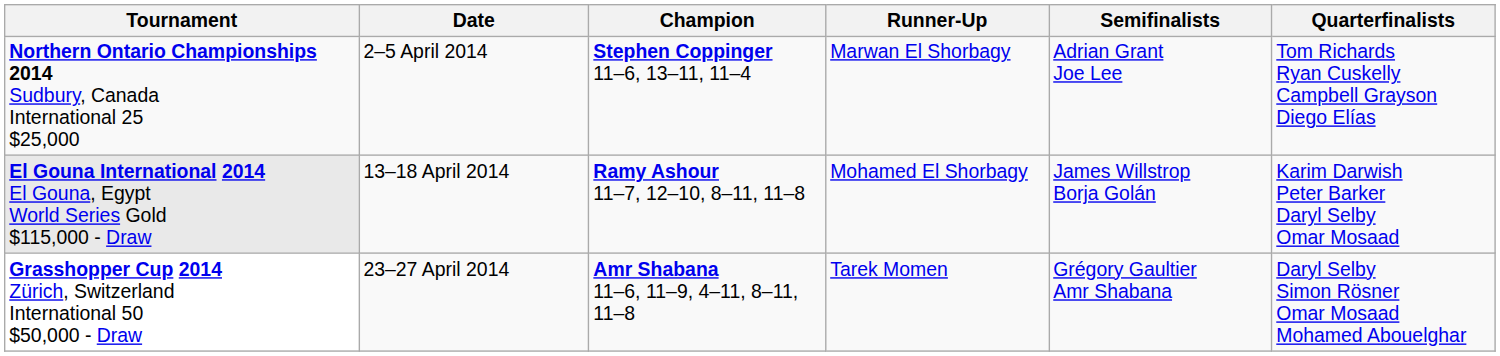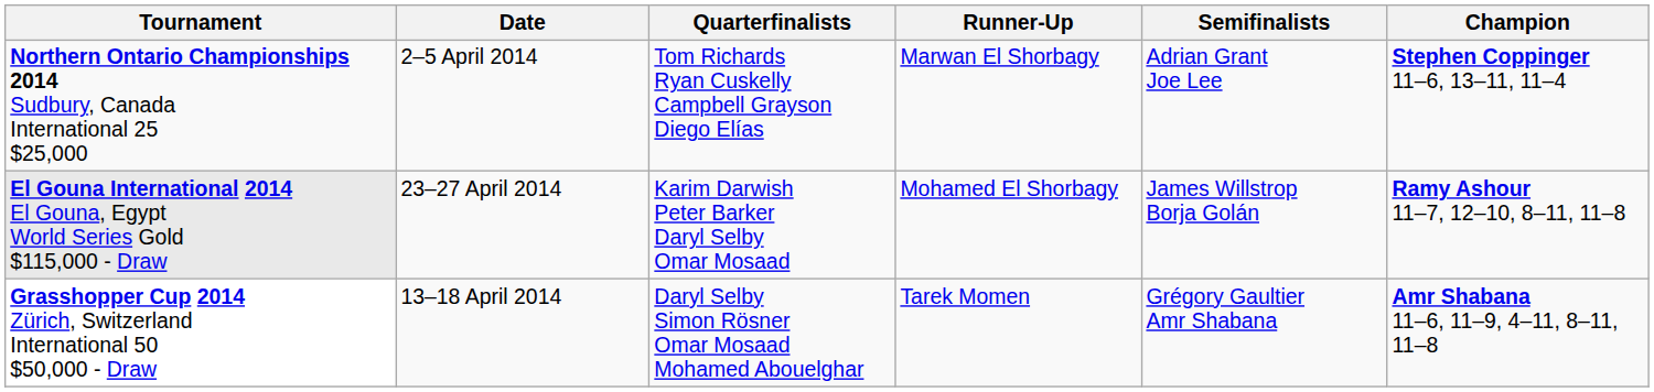 <table class="wikitable" style="font-size:88%">
 <tr>
 <th width=250>Tournament</th>
 <th width=160>Date</th>
-<th width=165>Champion</th>
+<th width=155>Quarterfinalists</th>
 <th width=155>Runner-Up</th>
 <th width=155>Semifinalists</th>
-<th width=155>Quarterfinalists</th>
+<th width=165>Champion</th>
 </tr>
 <tr valign=top>
 <td><strong><a href='#'>Northern Ontario Championships</a> 2014</strong><br> <a href='#'>Sudbury</a>, Canada<br>International 25<br>$25,000</td>
 <td>2–5 April 2014</td>
-<td> <strong><a href='#'>Stephen Coppinger</a></strong><br>11–6, 13–11, 11–4</td>
+<td> <a href='#'>Tom Richards</a><br> <a href='#'>Ryan Cuskelly</a><br> <a href='#'>Campbell Grayson</a><br> <a href='#'>Diego Elías</a></td>
 <td> <a href='#'>Marwan El Shorbagy</a></td>
 <td> <a href='#'>Adrian Grant</a><br>  <a href='#'>Joe Lee</a></td>
-<td> <a href='#'>Tom Richards</a><br> <a href='#'>Ryan Cuskelly</a><br> <a href='#'>Campbell Grayson</a><br> <a href='#'>Diego Elías</a></td>
+<td> <strong><a href='#'>Stephen Coppinger</a></strong><br>11–6, 13–11, 11–4</td>
 </tr>
 <tr valign=top>
 <td style="background:#E9E9E9;"><strong><a href='#'>El Gouna International</a> <a href='#'>2014</a></strong><br> <a href='#'>El Gouna</a>, Egypt<br><a href='#'>World Series</a> Gold<br>$115,000 - <a href='#'>Draw</a></td>
-<td>13–18 April 2014</td>
-<td> <strong><a href='#'>Ramy Ashour</a></strong><br>11–7, 12–10, 8–11, 11–8</td>
+<td>23–27 April 2014</td>
+<td> <a href='#'>Karim Darwish</a><br> <a href='#'>Peter Barker</a><br> <a href='#'>Daryl Selby</a><br> <a href='#'>Omar Mosaad</a></td>
 <td> <a href='#'>Mohamed El Shorbagy</a></td>
 <td> <a href='#'>James Willstrop</a><br> <a href='#'>Borja Golán</a></td>
-<td> <a href='#'>Karim Darwish</a><br> <a href='#'>Peter Barker</a><br> <a href='#'>Daryl Selby</a><br> <a href='#'>Omar Mosaad</a></td>
+<td> <strong><a href='#'>Ramy Ashour</a></strong><br>11–7, 12–10, 8–11, 11–8</td>
 </tr>
 <tr valign=top>
 <td style="background:#fff;"><strong><a href='#'>Grasshopper Cup</a> <a href='#'>2014</a></strong><br> <a href='#'>Zürich</a>, Switzerland<br>International 50<br>$50,000 - <a href='#'>Draw</a></td>
-<td>23–27 April 2014</td>
-<td> <strong><a href='#'>Amr Shabana</a></strong><br>11–6, 11–9, 4–11, 8–11, 11–8</td>
+<td>13–18 April 2014</td>
+<td> <a href='#'>Daryl Selby</a><br> <a href='#'>Simon Rösner</a><br> <a href='#'>Omar Mosaad</a><br> <a href='#'>Mohamed Abouelghar</a></td>
 <td> <a href='#'>Tarek Momen</a></td>
 <td> <a href='#'>Grégory Gaultier</a><br> <a href='#'>Amr Shabana</a></td>
-<td> <a href='#'>Daryl Selby</a><br> <a href='#'>Simon Rösner</a><br> <a href='#'>Omar Mosaad</a><br> <a href='#'>Mohamed Abouelghar</a></td>
+<td> <strong><a href='#'>Amr Shabana</a></strong><br>11–6, 11–9, 4–11, 8–11, 11–8</td>
 </tr>
 </table>
